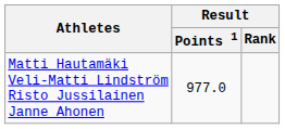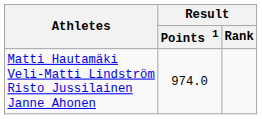 <table class="wikitable" border="1" style="font-size:90%">
 <tr>
 <th rowspan=2>Athletes</th>
 <th colspan=2>Result</th>
 </tr>
 <tr>
 <th>Points <sup>1</sup></th>
 <th>Rank</th>
 </tr>
 <tr>
 <td><a href='#'>Matti Hautamäki</a><br><a href='#'>Veli-Matti Lindström</a><br><a href='#'>Risto Jussilainen</a><br><a href='#'>Janne Ahonen</a></td>
-<td align=center>977.0</td>
+<td align=center>974.0</td>
 <td align=center></td>
 </tr>
 </table>
